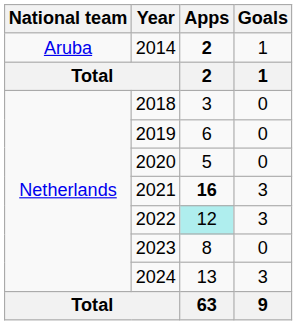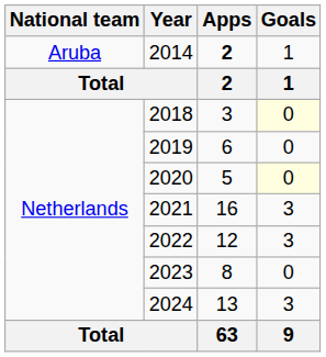 <table class="wikitable" style="text-align:center">
 <tr>
 <th>National team</th>
 <th>Year</th>
 <th>Apps</th>
 <th>Goals</th>
 </tr>
 <tr>
 <td><a href='#'>Aruba</a></td>
 <td>2014</td>
 <td><strong>2</strong></td>
 <td>1</td>
 </tr>
 <tr>
 <th colspan="2">Total</th>
 <th>2</th>
 <th>1</th>
 </tr>
 <tr>
 <td rowspan="7"><a href='#'>Netherlands</a></td>
 <td>2018</td>
 <td>3</td>
-<td>0</td>
+<td style="background: lightyellow;">0</td>
 </tr>
 <tr>
 <td>2019</td>
 <td>6</td>
 <td>0</td>
 </tr>
 <tr>
 <td>2020</td>
 <td>5</td>
-<td>0</td>
+<td style="background: lightyellow;">0</td>
 </tr>
 <tr>
 <td>2021</td>
-<td><strong>16</strong></td>
+<td>16</td>
 <td>3</td>
 </tr>
 <tr>
 <td>2022</td>
-<td style="background: paleturquoise;">12</td>
+<td>12</td>
 <td>3</td>
 </tr>
 <tr>
 <td>2023</td>
 <td>8</td>
 <td>0</td>
 </tr>
 <tr>
 <td>2024</td>
 <td>13</td>
 <td>3</td>
 </tr>
 <tr>
 <th colspan="2">Total</th>
 <th>63</th>
 <th>9</th>
 </tr>
 </table>
